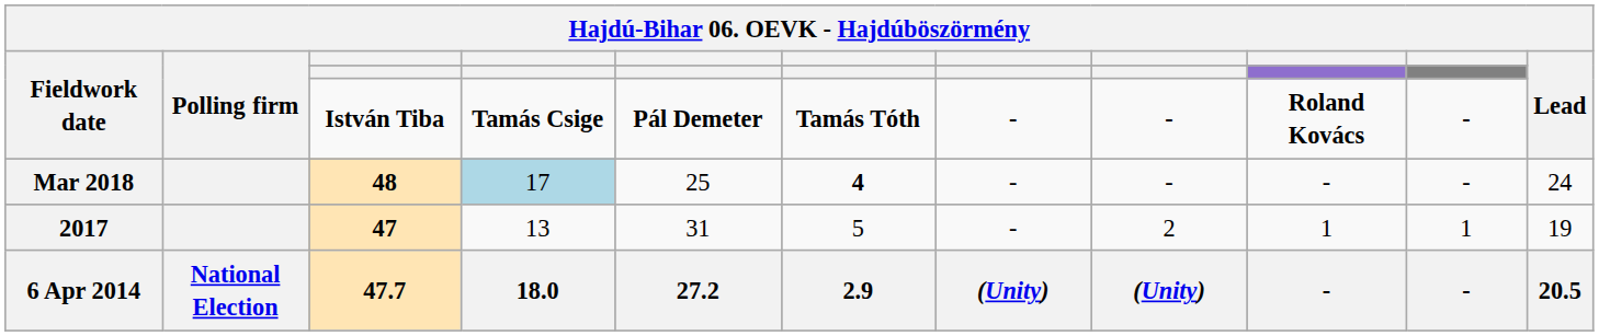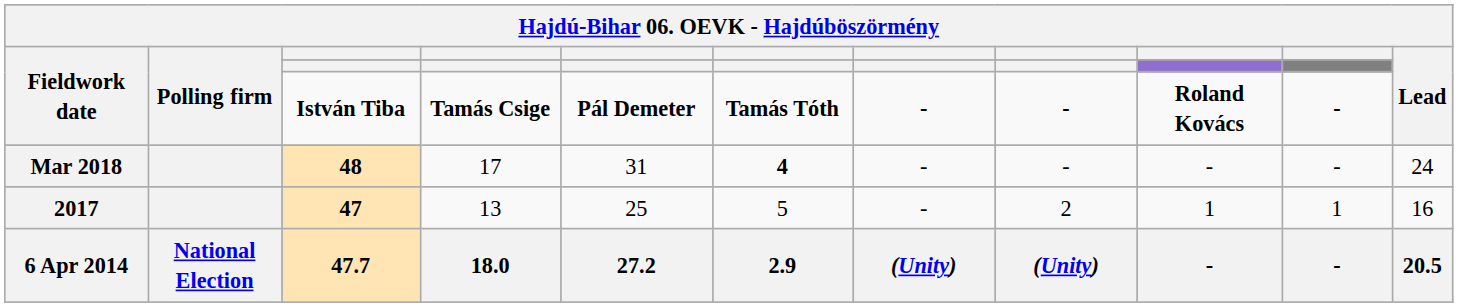 <table class="wikitable mw-collapsible mw-collapsed" style="text-align:center">
 <tr>
 <th colspan="11" style="width: 980pt;"><small><a href='#'>Hajdú-Bihar</a> 06. OEVK - <a href='#'>Hajdúböszörmény</a></small></th>
 </tr>
 <tr>
 <th rowspan="3" style="width: 80pt;"><small>Fieldwork</small> <small>date</small></th>
 <th rowspan="3" style="width: 80pt;"><strong><small>Polling</small> <small>firm</small></strong></th>
 <th style="width: 100pt;"><small></small></th>
 <th style="width: 100pt;"><small> </small></th>
 <th style="width: 100pt;"></th>
 <th style="width: 100pt;"></th>
 <th style="width: 100pt;"></th>
 <th style="width: 100pt;"></th>
 <th style="width: 100pt;"></th>
 <th style="width: 100pt;"></th>
 <th rowspan="3" style="width: 20pt;"><small>Lead</small></th>
 </tr>
 <tr>
 <th style="color:inherit;background:"></th>
 <th style="color:inherit;background:"></th>
 <th style="color:inherit;background:"></th>
 <th style="color:inherit;background:"></th>
 <th style="color:inherit;background:"></th>
 <th style="color:inherit;background:"></th>
 <th style="color:inherit;background:#8E6FCE;"></th>
 <th style="color:inherit;background:#808080;"></th>
 </tr>
 <tr>
 <td><small><strong>István Tiba</strong></small></td>
 <td><small><strong>Tamás Csige</strong></small></td>
 <td><small><strong>Pál Demeter</strong></small></td>
 <td><small><strong>Tamás Tóth</strong></small></td>
 <td><small><strong>-</strong></small></td>
 <td><small><strong>-</strong></small></td>
 <td><small><strong>Roland Kovács</strong></small></td>
 <td><small><strong>-</strong></small></td>
 </tr>
 <tr>
 <th><small>Mar 2018</small></th>
 <th><small></small></th>
 <td style="background:#FFE5B4"><small><strong>48</strong></small></td>
-<td style="background: lightblue;"><small>17</small></td>
-<td><small>25</small></td>
+<td><small>17</small></td>
+<td><small>31</small></td>
 <td><strong><small>4</small></strong></td>
 <td><small>-</small></td>
 <td><small>-</small></td>
 <td><small>-</small></td>
 <td><small>-</small></td>
 <td style="background:"><small>24</small></td>
 </tr>
 <tr>
 <th><small>2017</small></th>
 <th><small></small></th>
 <td style="background:#FFE5B4"><small><strong>47</strong></small></td>
 <td><small>13</small></td>
-<td><small>31</small></td>
+<td><small>25</small></td>
 <td><small>5</small></td>
 <td><small>-</small></td>
 <td><small>2</small></td>
 <td><small>1</small></td>
 <td><small>1</small></td>
-<td style="background:"><small>19</small></td>
+<td style="background:"><small>16</small></td>
 </tr>
 <tr>
 <th><small>6 Apr 2014</small></th>
 <th><a href='#'><small>National Election</small></a></th>
 <th style="background:#FFE5B4"><small><strong>47.7</strong></small></th>
 <th><small>18.0</small></th>
 <th><small>27.2</small></th>
 <th><small>2.9</small></th>
 <th><small><em>(<a href='#'>Unity</a>)</em></small></th>
 <th><small><em>(<a href='#'>Unity</a>)</em></small></th>
 <th><small>-</small></th>
 <th><small>-</small></th>
 <th style="background:"><small>20.5</small></th>
 </tr>
 </table>
